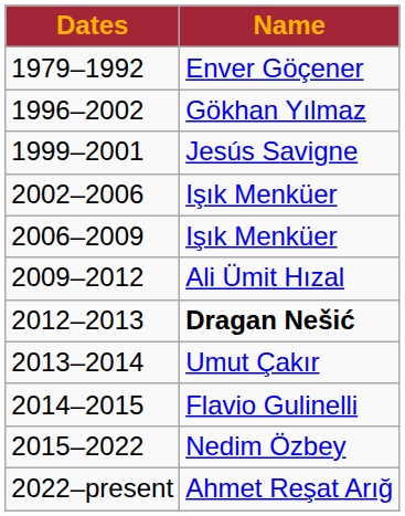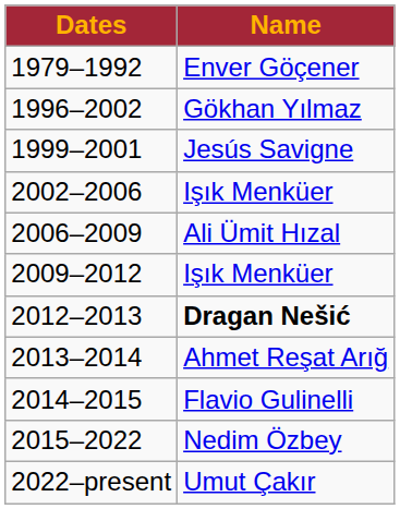 <table class="wikitable">
 <tr>
 <th style="color:#FFB300; background:#A32638;">Dates</th>
 <th style="color:#FFB300; background:#A32638;">Name</th>
 </tr>
 <tr>
 <td>1979–1992</td>
 <td> <a href='#'>Enver Göçener</a></td>
 </tr>
 <tr>
 <td>1996–2002</td>
 <td> <a href='#'>Gökhan Yılmaz</a></td>
 </tr>
 <tr>
 <td>1999–2001</td>
 <td> <a href='#'>Jesús Savigne</a></td>
 </tr>
 <tr>
 <td>2002–2006</td>
 <td> <a href='#'>Işık Menküer</a></td>
 </tr>
 <tr>
 <td>2006–2009</td>
-<td> <a href='#'>Işık Menküer</a></td>
+<td> <a href='#'>Ali Ümit Hızal</a></td>
 </tr>
 <tr>
 <td>2009–2012</td>
-<td> <a href='#'>Ali Ümit Hızal</a></td>
+<td> <a href='#'>Işık Menküer</a></td>
 </tr>
 <tr>
 <td>2012–2013</td>
 <td><strong> Dragan Nešić</strong></td>
 </tr>
 <tr>
 <td>2013–2014</td>
-<td> <a href='#'>Umut Çakır</a></td>
+<td> <a href='#'>Ahmet Reşat Arığ</a></td>
 </tr>
 <tr>
 <td>2014–2015</td>
 <td> <a href='#'>Flavio Gulinelli</a></td>
 </tr>
 <tr>
 <td>2015–2022</td>
 <td> <a href='#'>Nedim Özbey</a></td>
 </tr>
 <tr>
 <td>2022–present</td>
-<td> <a href='#'>Ahmet Reşat Arığ</a></td>
+<td> <a href='#'>Umut Çakır</a></td>
 </tr>
 </table>
